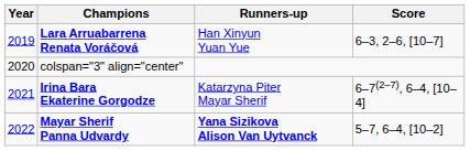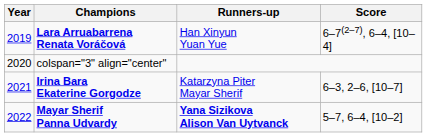 <table class="wikitable">
 <tr>
 <th>Year</th>
 <th width="200">Champions</th>
 <th width="200">Runners-up</th>
 <th width="140">Score</th>
 </tr>
 <tr>
 <td><a href='#'>2019</a></td>
 <td> <strong><a href='#'>Lara Arruabarrena</a></strong> <br>  <strong><a href='#'>Renata Voráčová</a></strong></td>
 <td> <a href='#'>Han Xinyun</a> <br>  <a href='#'>Yuan Yue</a></td>
-<td>6–3, 2–6, [10–7]</td>
+<td>6–7<sup>(2–7)</sup>, 6–4, [10–4]</td>
 </tr>
 <tr>
 <td>2020</td>
 <td>colspan="3" align="center" </td>
 </tr>
 <tr>
 <td><a href='#'>2021</a></td>
 <td> <strong><a href='#'>Irina Bara</a></strong> <br>  <strong><a href='#'>Ekaterine Gorgodze</a></strong></td>
 <td> <a href='#'>Katarzyna Piter</a> <br>  <a href='#'>Mayar Sherif</a></td>
-<td>6–7<sup>(2–7)</sup>, 6–4, [10–4]</td>
+<td>6–3, 2–6, [10–7]</td>
 </tr>
 <tr>
 <td><a href='#'>2022</a></td>
 <td> <strong><a href='#'>Mayar Sherif</a></strong> <br>  <strong><a href='#'>Panna Udvardy</a></strong></td>
 <td><strong> <a href='#'>Yana Sizikova</a> <br>  <a href='#'>Alison Van Uytvanck</a></strong></td>
 <td>5–7, 6–4, [10–2]</td>
 </tr>
 </table>
